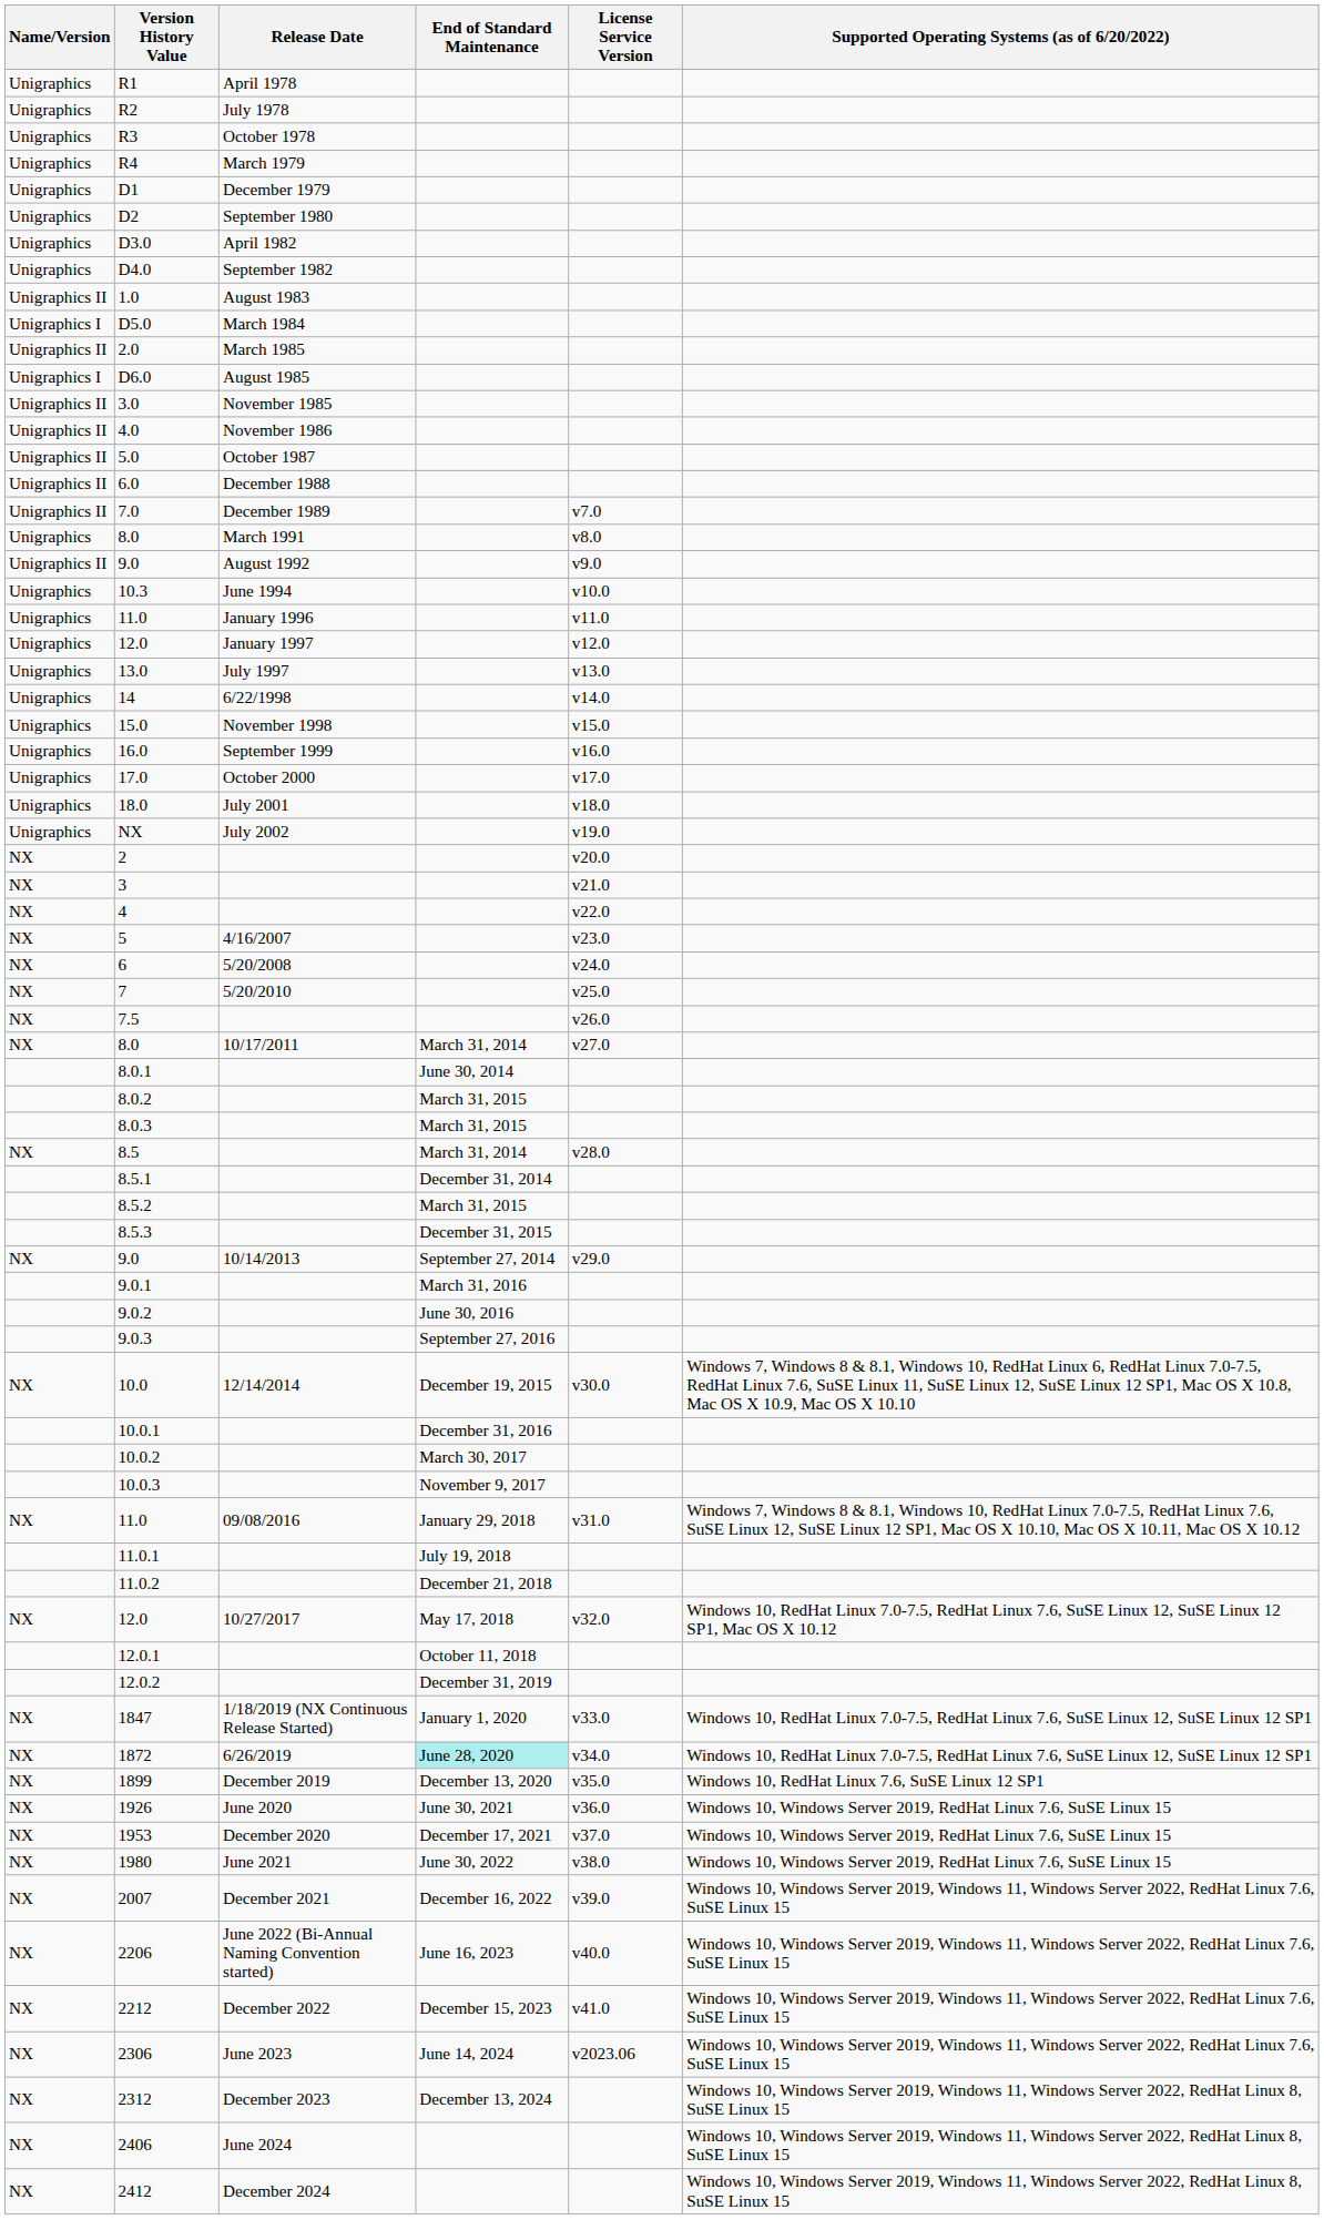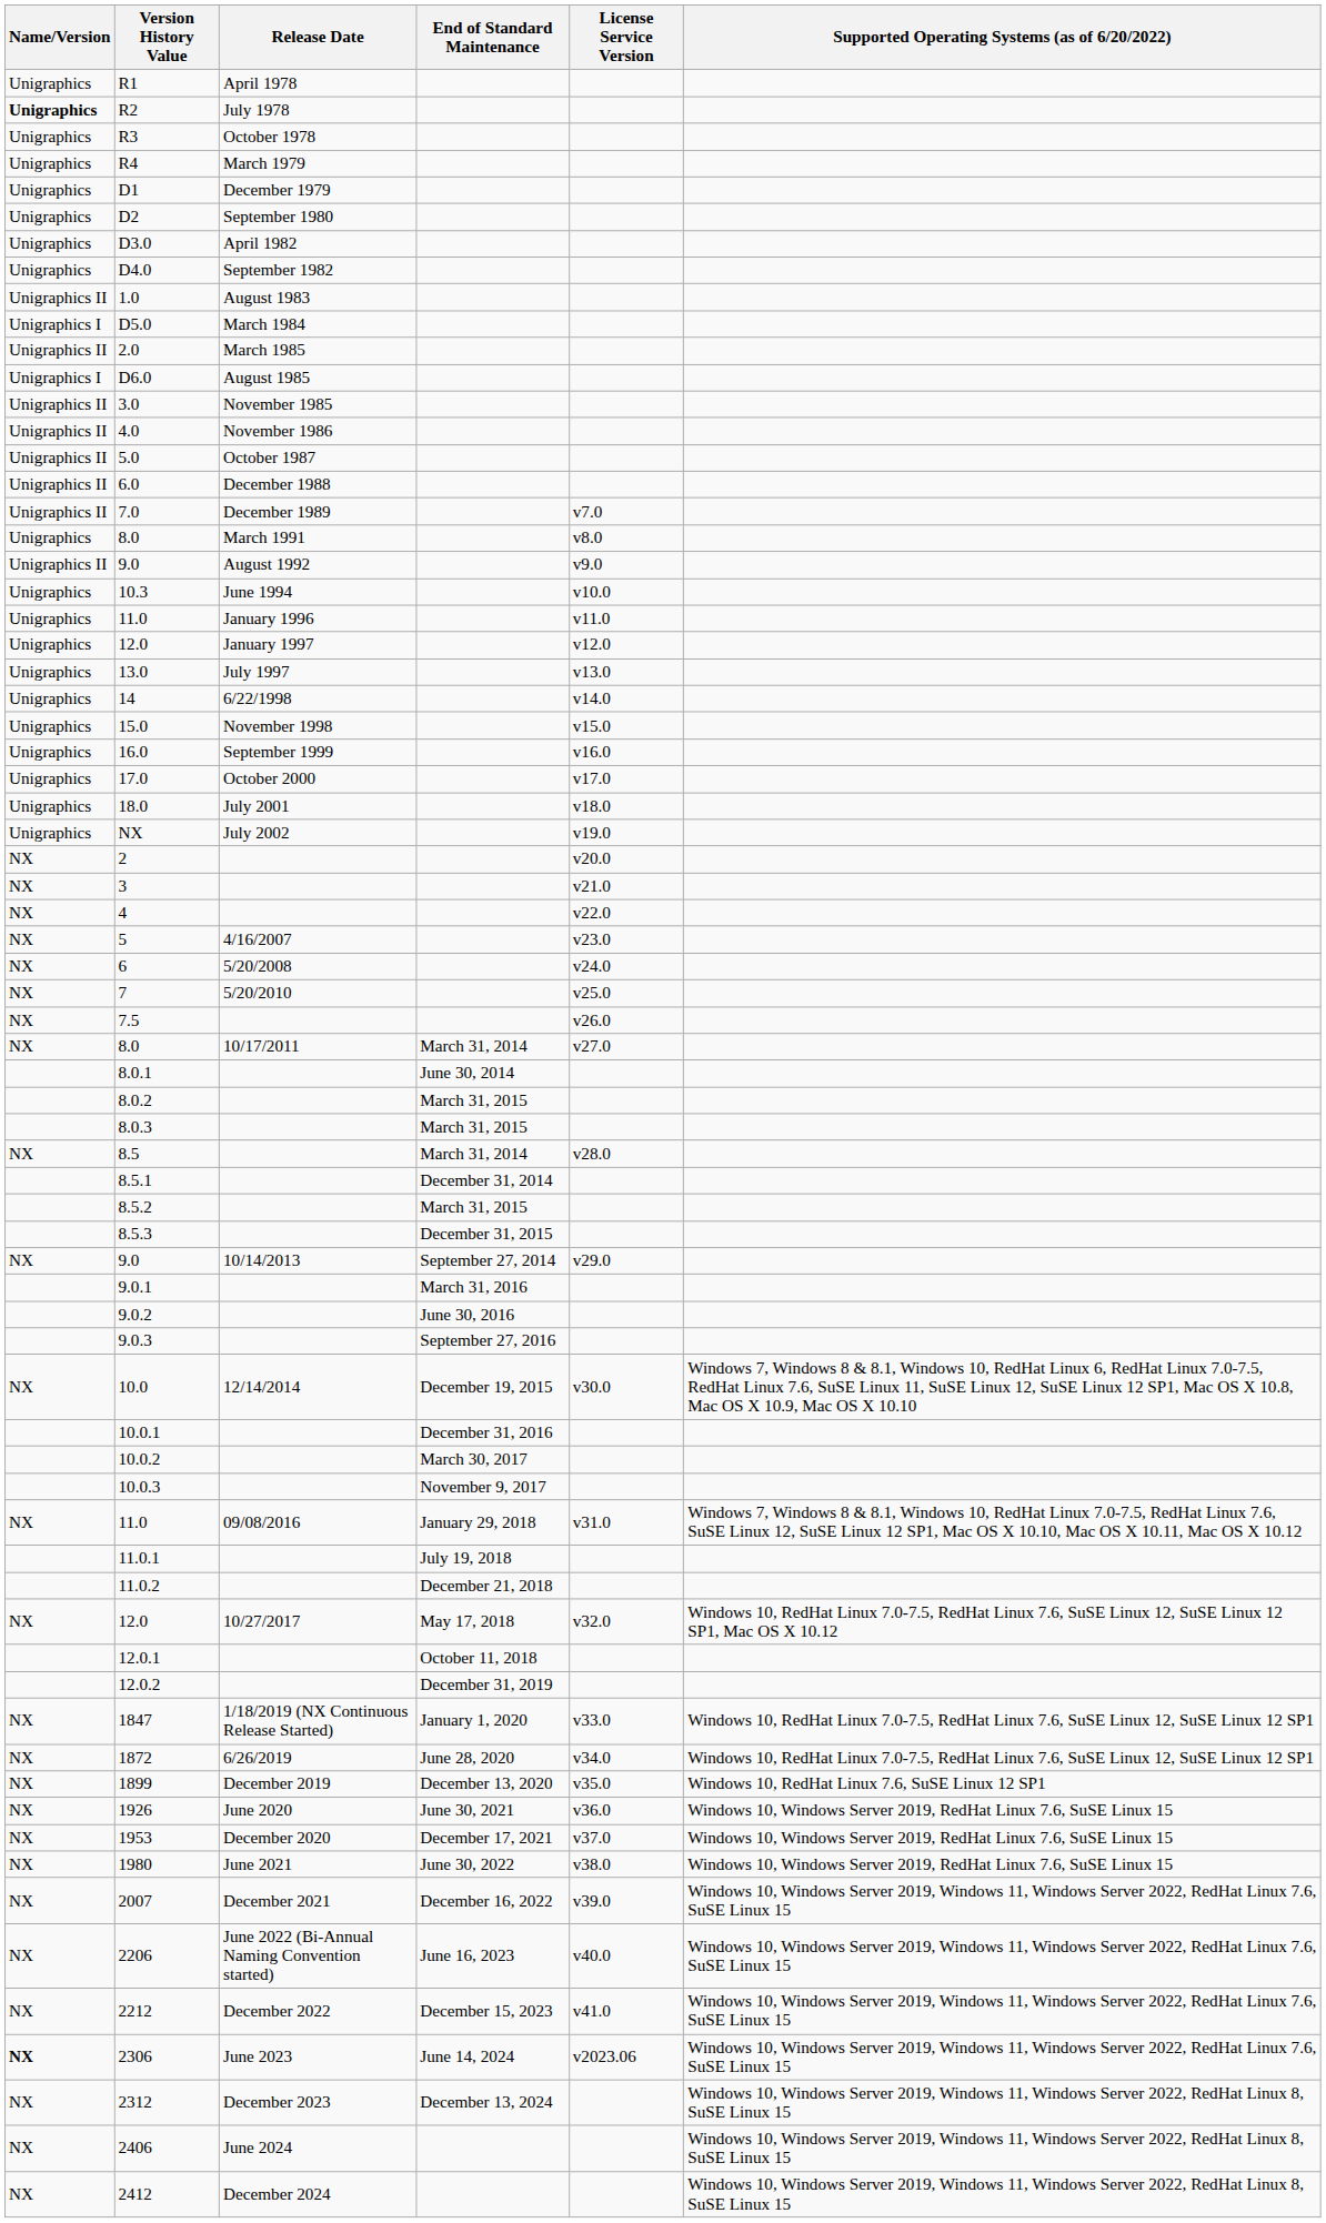 <table class="wikitable">
 <tr>
 <th>Name/Version</th>
 <th>Version History Value</th>
 <th>Release Date</th>
 <th>End of Standard Maintenance</th>
 <th>License Service Version</th>
 <th>Supported Operating Systems (as of 6/20/2022)</th>
 </tr>
 <tr>
 <td>Unigraphics</td>
 <td>R1</td>
 <td>April 1978</td>
 <td></td>
 <td></td>
 <td></td>
 </tr>
 <tr>
-<td>Unigraphics</td>
+<td><strong>Unigraphics</strong></td>
 <td>R2</td>
 <td>July 1978</td>
 <td></td>
 <td></td>
 <td></td>
 </tr>
 <tr>
 <td>Unigraphics</td>
 <td>R3</td>
 <td>October 1978</td>
 <td></td>
 <td></td>
 <td></td>
 </tr>
 <tr>
 <td>Unigraphics</td>
 <td>R4</td>
 <td>March 1979</td>
 <td></td>
 <td></td>
 <td></td>
 </tr>
 <tr>
 <td>Unigraphics</td>
 <td>D1</td>
 <td>December 1979</td>
 <td></td>
 <td></td>
 <td></td>
 </tr>
 <tr>
 <td>Unigraphics</td>
 <td>D2</td>
 <td>September 1980</td>
 <td></td>
 <td></td>
 <td></td>
 </tr>
 <tr>
 <td>Unigraphics</td>
 <td>D3.0</td>
 <td>April 1982</td>
 <td></td>
 <td></td>
 <td></td>
 </tr>
 <tr>
 <td>Unigraphics</td>
 <td>D4.0</td>
 <td>September 1982</td>
 <td></td>
 <td></td>
 <td></td>
 </tr>
 <tr>
 <td>Unigraphics II</td>
 <td>1.0</td>
 <td>August 1983</td>
 <td></td>
 <td></td>
 <td></td>
 </tr>
 <tr>
 <td>Unigraphics I</td>
 <td>D5.0</td>
 <td>March 1984</td>
 <td></td>
 <td></td>
 <td></td>
 </tr>
 <tr>
 <td>Unigraphics II</td>
 <td>2.0</td>
 <td>March 1985</td>
 <td></td>
 <td></td>
 <td></td>
 </tr>
 <tr>
 <td>Unigraphics I</td>
 <td>D6.0</td>
 <td>August 1985</td>
 <td></td>
 <td></td>
 <td></td>
 </tr>
 <tr>
 <td>Unigraphics II</td>
 <td>3.0</td>
 <td>November 1985</td>
 <td></td>
 <td></td>
 <td></td>
 </tr>
 <tr>
 <td>Unigraphics II</td>
 <td>4.0</td>
 <td>November 1986</td>
 <td></td>
 <td></td>
 <td></td>
 </tr>
 <tr>
 <td>Unigraphics II</td>
 <td>5.0</td>
 <td>October 1987</td>
 <td></td>
 <td></td>
 <td></td>
 </tr>
 <tr>
 <td>Unigraphics II</td>
 <td>6.0</td>
 <td>December 1988</td>
 <td></td>
 <td></td>
 <td></td>
 </tr>
 <tr>
 <td>Unigraphics II</td>
 <td>7.0</td>
 <td>December 1989</td>
 <td></td>
 <td>v7.0</td>
 <td></td>
 </tr>
 <tr>
 <td>Unigraphics</td>
 <td>8.0</td>
 <td>March 1991</td>
 <td></td>
 <td>v8.0</td>
 <td></td>
 </tr>
 <tr>
 <td>Unigraphics II</td>
 <td>9.0</td>
 <td>August 1992</td>
 <td></td>
 <td>v9.0</td>
 <td></td>
 </tr>
 <tr>
 <td>Unigraphics</td>
 <td>10.3</td>
 <td>June 1994</td>
 <td></td>
 <td>v10.0</td>
 <td></td>
 </tr>
 <tr>
 <td>Unigraphics</td>
 <td>11.0</td>
 <td>January 1996</td>
 <td></td>
 <td>v11.0</td>
 <td></td>
 </tr>
 <tr>
 <td>Unigraphics</td>
 <td>12.0</td>
 <td>January 1997</td>
 <td></td>
 <td>v12.0</td>
 <td></td>
 </tr>
 <tr>
 <td>Unigraphics</td>
 <td>13.0</td>
 <td>July 1997</td>
 <td></td>
 <td>v13.0</td>
 <td></td>
 </tr>
 <tr>
 <td>Unigraphics</td>
 <td>14</td>
 <td>6/22/1998</td>
 <td></td>
 <td>v14.0</td>
 <td></td>
 </tr>
 <tr>
 <td>Unigraphics</td>
 <td>15.0</td>
 <td>November 1998</td>
 <td></td>
 <td>v15.0</td>
 <td></td>
 </tr>
 <tr>
 <td>Unigraphics</td>
 <td>16.0</td>
 <td>September 1999</td>
 <td></td>
 <td>v16.0</td>
 <td></td>
 </tr>
 <tr>
 <td>Unigraphics</td>
 <td>17.0</td>
 <td>October 2000</td>
 <td></td>
 <td>v17.0</td>
 <td></td>
 </tr>
 <tr>
 <td>Unigraphics</td>
 <td>18.0</td>
 <td>July 2001</td>
 <td></td>
 <td>v18.0</td>
 <td></td>
 </tr>
 <tr>
 <td>Unigraphics</td>
 <td>NX</td>
 <td>July 2002</td>
 <td></td>
 <td>v19.0</td>
 <td></td>
 </tr>
 <tr>
 <td>NX</td>
 <td>2</td>
 <td></td>
 <td></td>
 <td>v20.0</td>
 <td></td>
 </tr>
 <tr>
 <td>NX</td>
 <td>3</td>
 <td></td>
 <td></td>
 <td>v21.0</td>
 <td></td>
 </tr>
 <tr>
 <td>NX</td>
 <td>4</td>
 <td></td>
 <td></td>
 <td>v22.0</td>
 <td></td>
 </tr>
 <tr>
 <td>NX</td>
 <td>5</td>
 <td>4/16/2007</td>
 <td></td>
 <td>v23.0</td>
 <td></td>
 </tr>
 <tr>
 <td>NX</td>
 <td>6</td>
 <td>5/20/2008</td>
 <td></td>
 <td>v24.0</td>
 <td></td>
 </tr>
 <tr>
 <td>NX</td>
 <td>7</td>
 <td>5/20/2010</td>
 <td></td>
 <td>v25.0</td>
 <td></td>
 </tr>
 <tr>
 <td>NX</td>
 <td>7.5</td>
 <td></td>
 <td></td>
 <td>v26.0</td>
 <td></td>
 </tr>
 <tr>
 <td>NX</td>
 <td>8.0</td>
 <td>10/17/2011</td>
 <td>March 31, 2014</td>
 <td>v27.0</td>
 <td></td>
 </tr>
 <tr>
 <td></td>
 <td>8.0.1</td>
 <td></td>
 <td>June 30, 2014</td>
 <td></td>
 <td></td>
 </tr>
 <tr>
 <td></td>
 <td>8.0.2</td>
 <td></td>
 <td>March 31, 2015</td>
 <td></td>
 <td></td>
 </tr>
 <tr>
 <td></td>
 <td>8.0.3</td>
 <td></td>
 <td>March 31, 2015</td>
 <td></td>
 <td></td>
 </tr>
 <tr>
 <td>NX</td>
 <td>8.5</td>
 <td></td>
 <td>March 31, 2014</td>
 <td>v28.0</td>
 <td></td>
 </tr>
 <tr>
 <td></td>
 <td>8.5.1</td>
 <td></td>
 <td>December 31, 2014</td>
 <td></td>
 <td></td>
 </tr>
 <tr>
 <td></td>
 <td>8.5.2</td>
 <td></td>
 <td>March 31, 2015</td>
 <td></td>
 <td></td>
 </tr>
 <tr>
 <td></td>
 <td>8.5.3</td>
 <td></td>
 <td>December 31, 2015</td>
 <td></td>
 <td></td>
 </tr>
 <tr>
 <td>NX</td>
 <td>9.0</td>
 <td>10/14/2013</td>
 <td>September 27, 2014</td>
 <td>v29.0</td>
 <td></td>
 </tr>
 <tr>
 <td></td>
 <td>9.0.1</td>
 <td></td>
 <td>March 31, 2016</td>
 <td></td>
 <td></td>
 </tr>
 <tr>
 <td></td>
 <td>9.0.2</td>
 <td></td>
 <td>June 30, 2016</td>
 <td></td>
 <td></td>
 </tr>
 <tr>
 <td></td>
 <td>9.0.3</td>
 <td></td>
 <td>September 27, 2016</td>
 <td></td>
 <td></td>
 </tr>
 <tr>
 <td>NX</td>
 <td>10.0</td>
 <td>12/14/2014</td>
 <td>December 19, 2015</td>
 <td>v30.0</td>
 <td>Windows 7, Windows 8 & 8.1, Windows 10, RedHat Linux 6, RedHat Linux 7.0-7.5, RedHat Linux 7.6, SuSE Linux 11, SuSE Linux 12, SuSE Linux 12 SP1, Mac OS X 10.8, Mac OS X 10.9, Mac OS X 10.10</td>
 </tr>
 <tr>
 <td></td>
 <td>10.0.1</td>
 <td></td>
 <td>December 31, 2016</td>
 <td></td>
 <td></td>
 </tr>
 <tr>
 <td></td>
 <td>10.0.2</td>
 <td></td>
 <td>March 30, 2017</td>
 <td></td>
 <td></td>
 </tr>
 <tr>
 <td></td>
 <td>10.0.3</td>
 <td></td>
 <td>November 9, 2017</td>
 <td></td>
 <td></td>
 </tr>
 <tr>
 <td>NX</td>
 <td>11.0</td>
 <td>09/08/2016</td>
 <td>January 29, 2018</td>
 <td>v31.0</td>
 <td>Windows 7, Windows 8 & 8.1, Windows 10, RedHat Linux 7.0-7.5, RedHat Linux 7.6, SuSE Linux 12, SuSE Linux 12 SP1, Mac OS X 10.10, Mac OS X 10.11, Mac OS X 10.12</td>
 </tr>
 <tr>
 <td></td>
 <td>11.0.1</td>
 <td></td>
 <td>July 19, 2018</td>
 <td></td>
 <td></td>
 </tr>
 <tr>
 <td></td>
 <td>11.0.2</td>
 <td></td>
 <td>December 21, 2018</td>
 <td></td>
 <td></td>
 </tr>
 <tr>
 <td>NX</td>
 <td>12.0</td>
 <td>10/27/2017</td>
 <td>May 17, 2018</td>
 <td>v32.0</td>
 <td>Windows 10, RedHat Linux 7.0-7.5, RedHat Linux 7.6, SuSE Linux 12, SuSE Linux 12 SP1, Mac OS X 10.12</td>
 </tr>
 <tr>
 <td></td>
 <td>12.0.1</td>
 <td></td>
 <td>October 11, 2018</td>
 <td></td>
 <td></td>
 </tr>
 <tr>
 <td></td>
 <td>12.0.2</td>
 <td></td>
 <td>December 31, 2019</td>
 <td></td>
 <td></td>
 </tr>
 <tr>
 <td>NX</td>
 <td>1847</td>
 <td>1/18/2019 (NX Continuous Release Started)</td>
 <td>January 1, 2020</td>
 <td>v33.0</td>
 <td>Windows 10, RedHat Linux 7.0-7.5, RedHat Linux 7.6, SuSE Linux 12, SuSE Linux 12 SP1</td>
 </tr>
 <tr>
 <td>NX</td>
 <td>1872</td>
 <td>6/26/2019</td>
-<td style="background: paleturquoise;">June 28, 2020</td>
+<td>June 28, 2020</td>
 <td>v34.0</td>
 <td>Windows 10, RedHat Linux 7.0-7.5, RedHat Linux 7.6, SuSE Linux 12, SuSE Linux 12 SP1</td>
 </tr>
 <tr>
 <td>NX</td>
 <td>1899</td>
 <td>December 2019</td>
 <td>December 13, 2020</td>
 <td>v35.0</td>
 <td>Windows 10, RedHat Linux 7.6, SuSE Linux 12 SP1</td>
 </tr>
 <tr>
 <td>NX</td>
 <td>1926</td>
 <td>June 2020</td>
 <td>June 30, 2021</td>
 <td>v36.0</td>
 <td>Windows 10, Windows Server 2019, RedHat Linux 7.6, SuSE Linux 15</td>
 </tr>
 <tr>
 <td>NX</td>
 <td>1953</td>
 <td>December 2020</td>
 <td>December 17, 2021</td>
 <td>v37.0</td>
 <td>Windows 10, Windows Server 2019, RedHat Linux 7.6, SuSE Linux 15</td>
 </tr>
 <tr>
 <td>NX</td>
 <td>1980</td>
 <td>June 2021</td>
 <td>June 30, 2022</td>
 <td>v38.0</td>
 <td>Windows 10, Windows Server 2019, RedHat Linux 7.6, SuSE Linux 15</td>
 </tr>
 <tr>
 <td>NX</td>
 <td>2007</td>
 <td>December 2021</td>
 <td>December 16, 2022</td>
 <td>v39.0</td>
 <td>Windows 10, Windows Server 2019, Windows 11, Windows Server 2022, RedHat Linux 7.6, SuSE Linux 15</td>
 </tr>
 <tr>
 <td>NX</td>
 <td>2206</td>
 <td>June 2022 (Bi-Annual Naming Convention started)</td>
 <td>June 16, 2023</td>
 <td>v40.0</td>
 <td>Windows 10, Windows Server 2019, Windows 11, Windows Server 2022, RedHat Linux 7.6, SuSE Linux 15</td>
 </tr>
 <tr>
 <td>NX</td>
 <td>2212</td>
 <td>December 2022</td>
 <td>December 15, 2023</td>
 <td>v41.0</td>
 <td>Windows 10, Windows Server 2019, Windows 11, Windows Server 2022, RedHat Linux 7.6, SuSE Linux 15</td>
 </tr>
 <tr>
-<td>NX</td>
+<td><strong>NX</strong></td>
 <td>2306</td>
 <td>June 2023</td>
 <td>June 14, 2024</td>
 <td>v2023.06</td>
 <td>Windows 10, Windows Server 2019, Windows 11, Windows Server 2022, RedHat Linux 7.6, SuSE Linux 15</td>
 </tr>
 <tr>
 <td>NX</td>
 <td>2312</td>
 <td>December 2023</td>
 <td>December 13, 2024</td>
 <td></td>
 <td>Windows 10, Windows Server 2019, Windows 11, Windows Server 2022, RedHat Linux 8, SuSE Linux 15</td>
 </tr>
 <tr>
 <td>NX</td>
 <td>2406</td>
 <td>June 2024</td>
 <td></td>
 <td></td>
 <td>Windows 10, Windows Server 2019, Windows 11, Windows Server 2022, RedHat Linux 8, SuSE Linux 15</td>
 </tr>
 <tr>
 <td>NX</td>
 <td>2412</td>
 <td>December 2024</td>
 <td></td>
 <td></td>
 <td>Windows 10, Windows Server 2019, Windows 11, Windows Server 2022, RedHat Linux 8, SuSE Linux 15</td>
 </tr>
 </table>
